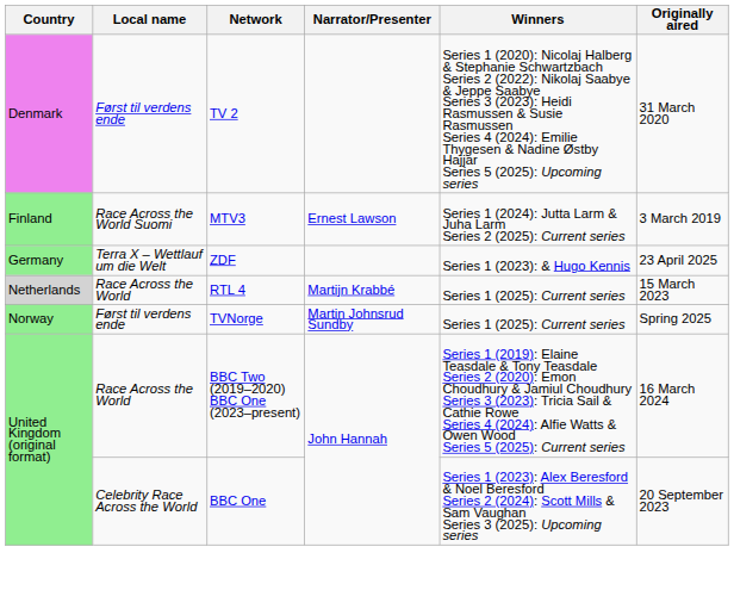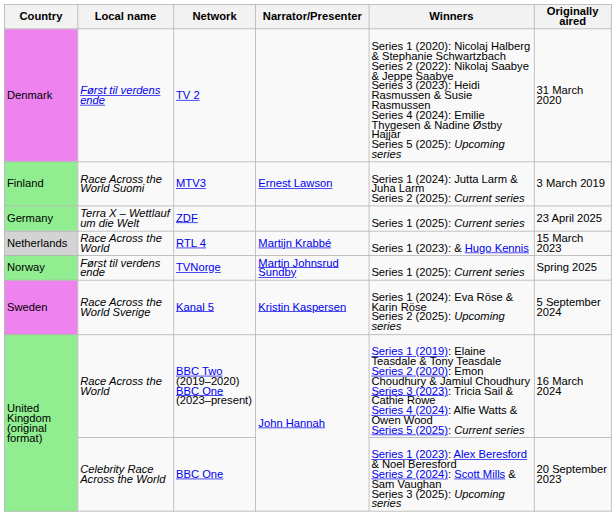 <table class="wikitable" style="line-height:14px;">
 <tr>
 <th>Country</th>
 <th>Local name</th>
 <th>Network</th>
 <th>Narrator/Presenter</th>
 <th>Winners</th>
 <th>Originally aired</th>
 </tr>
 <tr>
 <td bgcolor="violet">Denmark</td>
 <td><em><a href='#'>Først til verdens ende</a></em></td>
 <td><a href='#'>TV 2</a></td>
 <td></td>
 <td><br>Series 1 (2020): Nicolaj Halberg & Stephanie Schwartzbach<br> Series 2 (2022): Nikolaj Saabye & Jeppe Saabye<br> Series 3 (2023): Heidi Rasmussen & Susie Rasmussen<br> Series 4 (2024): Emilie Thygesen & Nadine Østby Hajjar<br> Series 5 (2025): <em>Upcoming series</em></td>
 <td>31 March 2020</td>
 </tr>
 <tr>
 <td bgcolor="lightgreen">Finland</td>
 <td><em>Race Across the World Suomi</em></td>
 <td><a href='#'>MTV3</a></td>
 <td><a href='#'>Ernest Lawson</a></td>
 <td><br>Series 1 (2024): Jutta Larm & Juha Larm<br> Series 2 (2025): <em>Current series</em></td>
 <td>3 March 2019</td>
 </tr>
 <tr>
 <td bgcolor="lightgreen">Germany</td>
 <td><em>Terra X – Wettlauf um die Welt</em></td>
 <td><a href='#'>ZDF</a></td>
 <td></td>
-<td><br>Series 1 (2023):  & <a href='#'>Hugo Kennis</a></td>
+<td><br>Series 1 (2025): <em>Current series</em></td>
 <td>23 April 2025</td>
 </tr>
 <tr>
 <td bgcolor="lightgrey">Netherlands</td>
 <td><em>Race Across the World</em></td>
 <td><a href='#'>RTL 4</a></td>
 <td><a href='#'>Martijn Krabbé</a></td>
-<td><br>Series 1 (2025): <em>Current series</em></td>
+<td><br>Series 1 (2023):  & <a href='#'>Hugo Kennis</a></td>
 <td>15 March 2023</td>
 </tr>
 <tr>
 <td bgcolor="lightgreen">Norway</td>
 <td><em>Først til verdens ende</em></td>
 <td><a href='#'>TVNorge</a></td>
 <td><a href='#'>Martin Johnsrud Sundby</a></td>
 <td><br>Series 1 (2025): <em>Current series</em></td>
 <td>Spring 2025</td>
+</tr>
+<tr>
+<td bgcolor="violet">Sweden</td>
+<td><em>Race Across the World Sverige</em></td>
+<td><a href='#'>Kanal 5</a></td>
+<td><a href='#'>Kristin Kaspersen</a></td>
+<td><br>Series 1 (2024): Eva Röse & Karin Röse<br> Series 2 (2025): <em>Upcoming series</em></td>
+<td>5 September 2024</td>
 </tr>
 <tr>
 <td rowspan="2" bgcolor="lightgreen">United Kingdom<br>(original format)</td>
 <td><em>Race Across the World</em></td>
 <td><a href='#'>BBC Two</a> (2019–2020)<br><a href='#'>BBC One</a> (2023–present)</td>
 <td rowspan="2"><a href='#'>John Hannah</a></td>
 <td><br><a href='#'>Series 1 (2019)</a>: Elaine Teasdale & Tony Teasdale<br> <a href='#'>Series 2 (2020)</a>: Emon Choudhury & Jamiul Choudhury<br> <a href='#'>Series 3 (2023)</a>: Tricia Sail & Cathie Rowe<br> <a href='#'>Series 4 (2024)</a>: Alfie Watts & Owen Wood<br> <a href='#'>Series 5 (2025)</a>: <em>Current series</em></td>
 <td>16 March 2024</td>
 </tr>
 <tr>
 <td><em>Celebrity Race Across the World</em></td>
 <td><a href='#'>BBC One</a></td>
 <td><br><a href='#'>Series 1 (2023)</a>: <a href='#'>Alex Beresford</a> & Noel Beresford<br> <a href='#'>Series 2 (2024)</a>: <a href='#'>Scott Mills</a> & Sam Vaughan<br> Series 3 (2025): <em>Upcoming series</em></td>
 <td>20 September 2023</td>
 </tr>
 </table>
